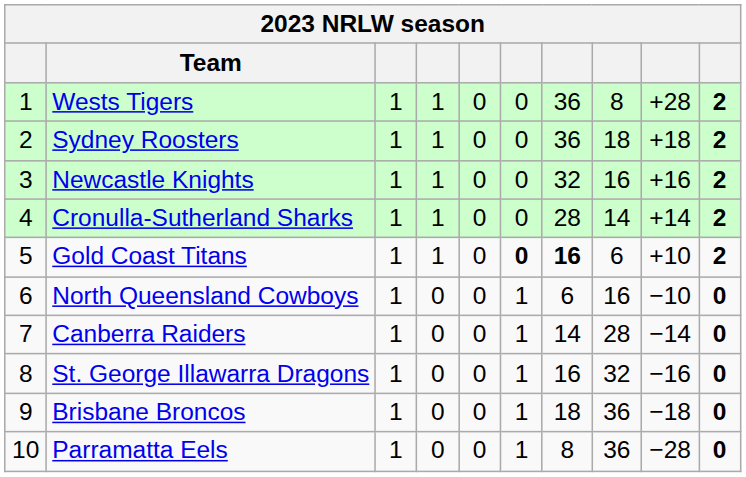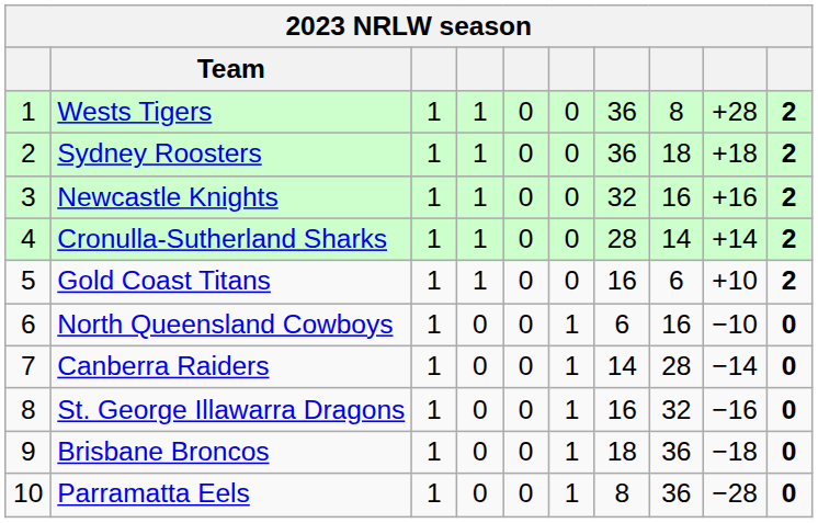 <table class="wikitable" style="text-align:center;">
 <tr>
 <th colspan="11">2023 NRLW season</th>
 </tr>
 <tr>
 <th width="20"></th>
 <th>Team</th>
 <th width="20"></th>
 <th width="20"></th>
 <th width="20"></th>
 <th width="20"></th>
 <th width="25"></th>
 <th width="25"></th>
 <th width="30"></th>
 <th width="20"></th>
 </tr>
 <tr style="background: #ccffcc;">
 <td>1</td>
 <td style="text-align:left;"> <a href='#'>Wests Tigers</a></td>
 <td>1</td>
 <td>1</td>
 <td>0</td>
 <td>0</td>
 <td>36</td>
 <td>8</td>
 <td>+28</td>
 <td><strong>2</strong></td>
 </tr>
 <tr style="background: #ccffcc;">
 <td>2</td>
 <td style="text-align:left;"> <a href='#'>Sydney Roosters</a></td>
 <td>1</td>
 <td>1</td>
 <td>0</td>
 <td>0</td>
 <td>36</td>
 <td>18</td>
 <td>+18</td>
 <td><strong>2</strong></td>
 </tr>
 <tr style="background: #ccffcc;">
 <td>3</td>
 <td style="text-align:left;"> <a href='#'>Newcastle Knights</a></td>
 <td>1</td>
 <td>1</td>
 <td>0</td>
 <td>0</td>
 <td>32</td>
 <td>16</td>
 <td>+16</td>
 <td><strong>2</strong></td>
 </tr>
 <tr style="background: #ccffcc;">
 <td>4</td>
 <td style="text-align:left;"> <a href='#'>Cronulla-Sutherland Sharks</a></td>
 <td>1</td>
 <td>1</td>
 <td>0</td>
 <td>0</td>
 <td>28</td>
 <td>14</td>
 <td>+14</td>
 <td><strong>2</strong></td>
 </tr>
 <tr style="background:">
 <td>5</td>
 <td style="text-align:left;"> <a href='#'>Gold Coast Titans</a></td>
 <td>1</td>
 <td>1</td>
 <td>0</td>
-<td><strong>0</strong></td>
-<td><strong>16</strong></td>
+<td>0</td>
+<td>16</td>
 <td>6</td>
 <td>+10</td>
 <td><strong>2</strong></td>
 </tr>
 <tr style="background:">
 <td>6</td>
 <td style="text-align:left;"> <a href='#'>North Queensland Cowboys</a></td>
 <td>1</td>
 <td>0</td>
 <td>0</td>
 <td>1</td>
 <td>6</td>
 <td>16</td>
 <td>−10</td>
 <td><strong>0</strong></td>
 </tr>
 <tr style="background:">
 <td>7</td>
 <td style="text-align:left;"> <a href='#'>Canberra Raiders</a></td>
 <td>1</td>
 <td>0</td>
 <td>0</td>
 <td>1</td>
 <td>14</td>
 <td>28</td>
 <td>−14</td>
 <td><strong>0</strong></td>
 </tr>
 <tr style="background:">
 <td>8</td>
 <td style="text-align:left;"> <a href='#'>St. George Illawarra Dragons</a></td>
 <td>1</td>
 <td>0</td>
 <td>0</td>
 <td>1</td>
 <td>16</td>
 <td>32</td>
 <td>−16</td>
 <td><strong>0</strong></td>
 </tr>
 <tr style="background:">
 <td>9</td>
 <td style="text-align:left;"> <a href='#'>Brisbane Broncos</a></td>
 <td>1</td>
 <td>0</td>
 <td>0</td>
 <td>1</td>
 <td>18</td>
 <td>36</td>
 <td>−18</td>
 <td><strong>0</strong></td>
 </tr>
 <tr style="background:">
 <td>10</td>
 <td style="text-align:left;"> <a href='#'>Parramatta Eels</a></td>
 <td>1</td>
 <td>0</td>
 <td>0</td>
 <td>1</td>
 <td>8</td>
 <td>36</td>
 <td>−28</td>
 <td><strong>0</strong></td>
 </tr>
 </table>
